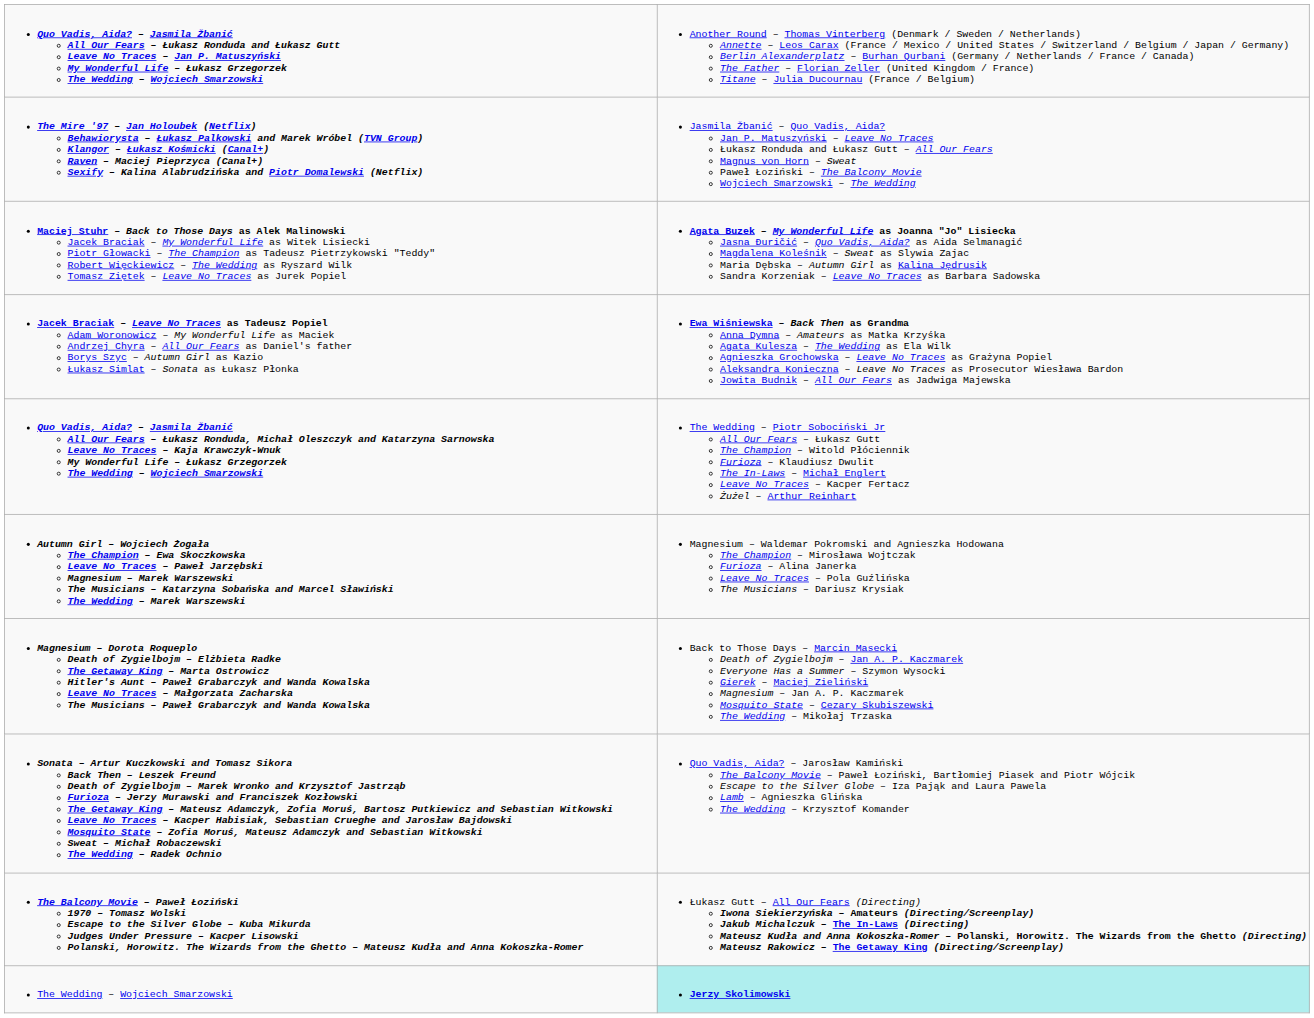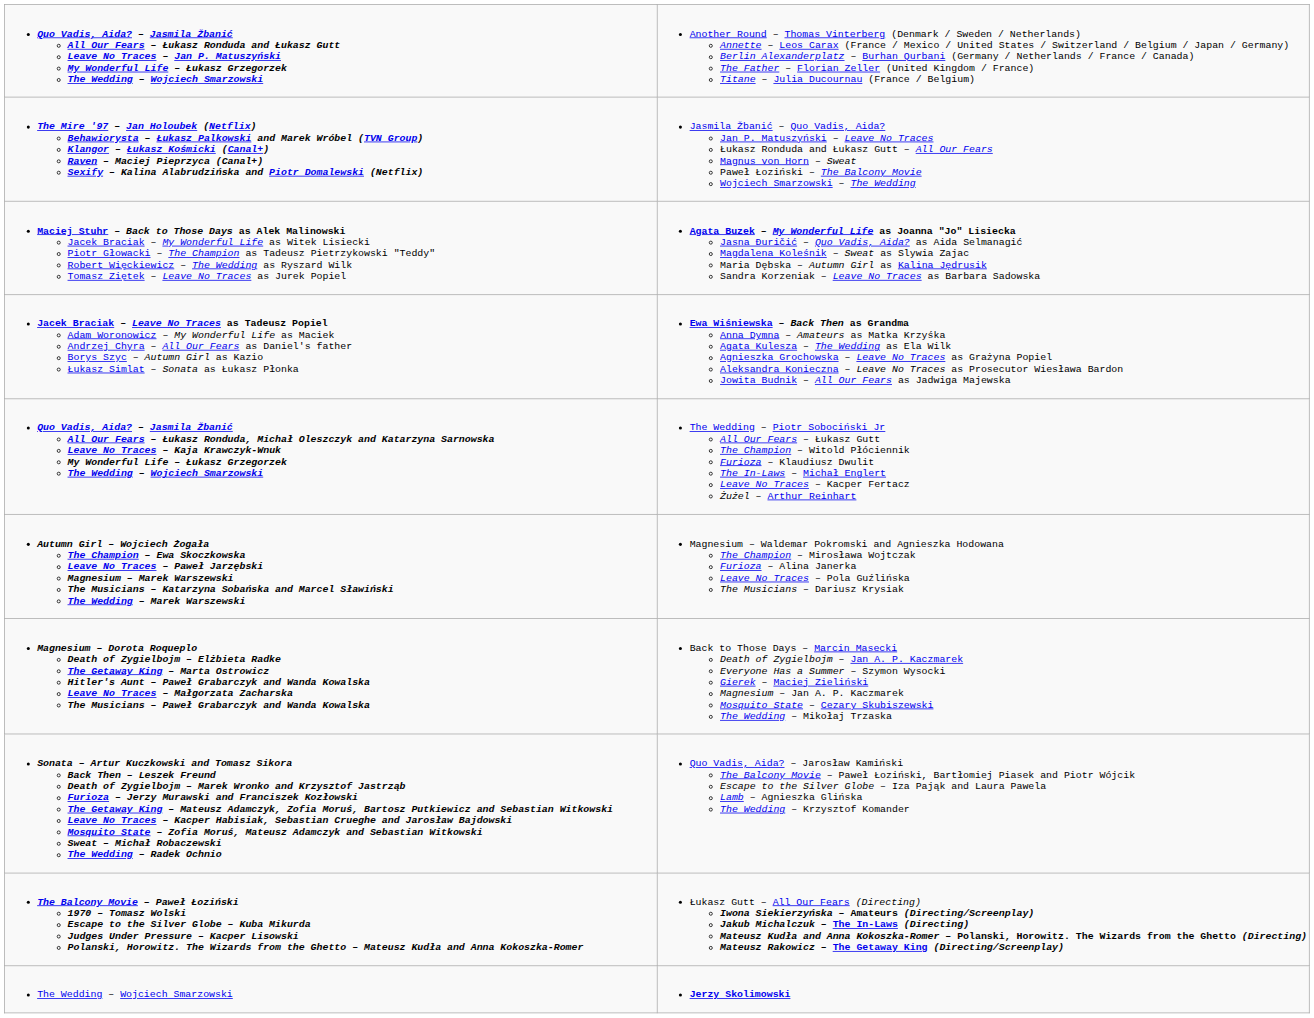 <table class=wikitable style="width="100%">
 <tr>
 <td valign="top" width="50%"><br><ul><li><strong><em><a href='#'>Quo Vadis, Aida?</a><em> – <a href='#'>Jasmila Žbanić</a><strong><ul><li></em><a href='#'>All Our Fears</a><em> – Łukasz Ronduda and Łukasz Gutt</li><li></em><a href='#'>Leave No Traces</a><em> – <a href='#'>Jan P. Matuszyński</a></li><li></em><a href='#'>My Wonderful Life</a><em> – Łukasz Grzegorzek</li><li></em><a href='#'>The Wedding</a><em> – <a href='#'>Wojciech Smarzowski</a></li></ul></li></ul></td>
 <td valign="top" width="50%"><br><ul><li></em></strong><a href='#'>Another Round</a></em> – <a href='#'>Thomas Vinterberg</a> (Denmark / Sweden / Netherlands)</strong><ul><li><em><a href='#'>Annette</a></em> – <a href='#'>Leos Carax</a> (France / Mexico / United States / Switzerland / Belgium / Japan / Germany)</li><li><em><a href='#'>Berlin Alexanderplatz</a></em> – <a href='#'>Burhan Qurbani</a> (Germany / Netherlands / France / Canada)</li><li><em><a href='#'>The Father</a></em> – <a href='#'>Florian Zeller</a> (United Kingdom / France)</li><li><em><a href='#'>Titane</a></em> – <a href='#'>Julia Ducournau</a> (France / Belgium)</li></ul></li></ul></td>
 </tr>
 <tr>
 <td valign="top" width="50%"><br><ul><li><strong><em><a href='#'>The Mire '97</a><em> – <a href='#'>Jan Holoubek</a> (<a href='#'>Netflix</a>)<strong><ul><li></em><a href='#'>Behawiorysta</a><em> – <a href='#'>Łukasz Palkowski</a> and Marek Wróbel (<a href='#'>TVN Group</a>)</li><li></em><a href='#'>Klangor</a><em> – <a href='#'>Łukasz Kośmicki</a> (<a href='#'>Canal+</a>)</li><li></em><a href='#'>Raven</a><em> – Maciej Pieprzyca (Canal+)</li><li></em><a href='#'>Sexify</a><em> – Kalina Alabrudzińska and <a href='#'>Piotr Domalewski</a> (Netflix)</li></ul></li></ul></td>
 <td valign="top" width="50%"><br><ul><li></strong><a href='#'>Jasmila Žbanić</a> – </em><a href='#'>Quo Vadis, Aida?</a></em></strong><ul><li><a href='#'>Jan P. Matuszyński</a> – <em><a href='#'>Leave No Traces</a></em></li><li>Łukasz Ronduda and Łukasz Gutt – <em><a href='#'>All Our Fears</a></em></li><li><a href='#'>Magnus von Horn</a> – <em>Sweat</em></li><li>Paweł Łoziński – <em><a href='#'>The Balcony Movie</a></em></li><li><a href='#'>Wojciech Smarzowski</a> – <em><a href='#'>The Wedding</a></em></li></ul></li></ul></td>
 </tr>
 <tr>
 <td valign="top" width="50%"><br><ul><li><strong><a href='#'>Maciej Stuhr</a> – <em>Back to Those Days</em> as Alek Malinowski</strong><ul><li><a href='#'>Jacek Braciak</a> – <em><a href='#'>My Wonderful Life</a></em> as Witek Lisiecki</li><li><a href='#'>Piotr Głowacki</a> – <em><a href='#'>The Champion</a></em> as Tadeusz Pietrzykowski "Teddy"</li><li><a href='#'>Robert Więckiewicz</a> – <em><a href='#'>The Wedding</a></em> as Ryszard Wilk</li><li><a href='#'>Tomasz Ziętek</a> – <em><a href='#'>Leave No Traces</a></em> as Jurek Popiel</li></ul></li></ul></td>
 <td valign="top" width="50%"><br><ul><li><strong><a href='#'>Agata Buzek</a> – <em><a href='#'>My Wonderful Life</a></em> as Joanna "Jo" Lisiecka</strong><ul><li><a href='#'>Jasna Đuričić</a> – <em><a href='#'>Quo Vadis, Aida?</a></em> as Aida Selmanagić</li><li><a href='#'>Magdalena Koleśnik</a> – <em>Sweat</em> as Slywia Zajac</li><li>Maria Dębska – <em>Autumn Girl</em> as <a href='#'>Kalina Jędrusik</a></li><li>Sandra Korzeniak – <em><a href='#'>Leave No Traces</a></em> as Barbara Sadowska</li></ul></li></ul></td>
 </tr>
 <tr>
 <td valign="top" width="50%"><br><ul><li><strong><a href='#'>Jacek Braciak</a> – <em><a href='#'>Leave No Traces</a></em> as Tadeusz Popiel</strong><ul><li><a href='#'>Adam Woronowicz</a> – <em>My Wonderful Life</em> as Maciek</li><li><a href='#'>Andrzej Chyra</a> – <em><a href='#'>All Our Fears</a></em> as Daniel's father</li><li><a href='#'>Borys Szyc</a> – <em>Autumn Girl</em> as Kazio</li><li><a href='#'>Łukasz Simlat</a> – <em>Sonata</em> as Łukasz Płonka</li></ul></li></ul></td>
 <td valign="top" width="50%"><br><ul><li><strong><a href='#'>Ewa Wiśniewska</a> – <em>Back Then</em> as Grandma</strong><ul><li><a href='#'>Anna Dymna</a> – <em>Amateurs</em> as Matka Krzyśka</li><li><a href='#'>Agata Kulesza</a> – <em><a href='#'>The Wedding</a></em> as Ela Wilk</li><li><a href='#'>Agnieszka Grochowska</a> – <em><a href='#'>Leave No Traces</a></em> as Grażyna Popiel</li><li><a href='#'>Aleksandra Konieczna</a> – <em>Leave No Traces</em> as Prosecutor Wiesława Bardon</li><li><a href='#'>Jowita Budnik</a> – <em><a href='#'>All Our Fears</a></em> as Jadwiga Majewska</li></ul></li></ul></td>
 </tr>
 <tr>
 <td valign="top" width="50%"><br><ul><li><strong><em><a href='#'>Quo Vadis, Aida?</a><em> – <a href='#'>Jasmila Žbanić</a><strong><ul><li></em><a href='#'>All Our Fears</a><em> – Łukasz Ronduda, Michał Oleszczyk and Katarzyna Sarnowska</li><li></em><a href='#'>Leave No Traces</a><em> – Kaja Krawczyk-Wnuk</li><li></em>My Wonderful Life<em> – Łukasz Grzegorzek</li><li></em><a href='#'>The Wedding</a><em> – <a href='#'>Wojciech Smarzowski</a></li></ul></li></ul></td>
 <td valign="top" width="50%"><br><ul><li></em></strong><a href='#'>The Wedding</a></em> – <a href='#'>Piotr Sobociński Jr</a></strong><ul><li><em><a href='#'>All Our Fears</a></em> – Łukasz Gutt</li><li><em><a href='#'>The Champion</a></em> – Witold Płóciennik</li><li><em><a href='#'>Furioza</a></em> – Klaudiusz Dwulit</li><li><em><a href='#'>The In-Laws</a></em> – <a href='#'>Michał Englert</a></li><li><em><a href='#'>Leave No Traces</a></em> – Kacper Fertacz</li><li><em>Żużel</em> – <a href='#'>Arthur Reinhart</a></li></ul></li></ul></td>
 </tr>
 <tr>
 <td valign="top" width="50%"><br><ul><li><strong><em>Autumn Girl<em> – Wojciech Żogała<strong><ul><li></em><a href='#'>The Champion</a><em> – Ewa Skoczkowska</li><li></em><a href='#'>Leave No Traces</a><em> – Paweł Jarzębski</li><li></em>Magnesium<em> – Marek Warszewski</li><li></em>The Musicians<em> – Katarzyna Sobańska and Marcel Sławiński</li><li></em><a href='#'>The Wedding</a><em> – Marek Warszewski</li></ul></li></ul></td>
 <td valign="top" width="50%"><br><ul><li></em></strong>Magnesium</em> – Waldemar Pokromski and Agnieszka Hodowana</strong><ul><li><em><a href='#'>The Champion</a></em> – Mirosława Wojtczak</li><li><em><a href='#'>Furioza</a></em> – Alina Janerka</li><li><em><a href='#'>Leave No Traces</a></em> – Pola Guźlińska</li><li><em>The Musicians</em> – Dariusz Krysiak</li></ul></li></ul></td>
 </tr>
 <tr>
 <td valign="top" width="50%"><br><ul><li><strong><em>Magnesium<em> – Dorota Roqueplo<strong><ul><li></em>Death of Zygielbojm<em> – Elżbieta Radke</li><li></em><a href='#'>The Getaway King</a><em> – Marta Ostrowicz</li><li></em>Hitler's Aunt<em> – Paweł Grabarczyk and Wanda Kowalska</li><li></em><a href='#'>Leave No Traces</a><em> – Małgorzata Zacharska</li><li></em>The Musicians<em> – Paweł Grabarczyk and Wanda Kowalska</li></ul></li></ul></td>
 <td valign="top" width="50%"><br><ul><li></em></strong>Back to Those Days</em> – <a href='#'>Marcin Masecki</a></strong><ul><li><em>Death of Zygielbojm</em> – <a href='#'>Jan A. P. Kaczmarek</a></li><li><em>Everyone Has a Summer</em> – Szymon Wysocki</li><li><em><a href='#'>Gierek</a></em> – <a href='#'>Maciej Zieliński</a></li><li><em>Magnesium</em> – Jan A. P. Kaczmarek</li><li><em><a href='#'>Mosquito State</a></em> – <a href='#'>Cezary Skubiszewski</a></li><li><em><a href='#'>The Wedding</a></em> – Mikołaj Trzaska</li></ul></li></ul></td>
 </tr>
 <tr>
 <td valign="top" width="50%"><br><ul><li><strong><em>Sonata<em> – Artur Kuczkowski and Tomasz Sikora<strong> <ul><li></em>Back Then<em> – Leszek Freund</li><li></em>Death of Zygielbojm<em> – Marek Wronko and Krzysztof Jastrząb</li><li></em><a href='#'>Furioza</a><em> – Jerzy Murawski and Franciszek Kozłowski</li><li></em><a href='#'>The Getaway King</a><em> – Mateusz Adamczyk, Zofia Moruś, Bartosz Putkiewicz and Sebastian Witkowski</li><li></em><a href='#'>Leave No Traces</a><em> – Kacper Habisiak, Sebastian Crueghe and Jarosław Bajdowski</li><li></em><a href='#'>Mosquito State</a><em> – Zofia Moruś, Mateusz Adamczyk and Sebastian Witkowski</li><li></em>Sweat<em> – Michał Robaczewski</li><li></em><a href='#'>The Wedding</a><em> – Radek Ochnio</li></ul></li></ul></td>
 <td valign="top" width="50%"><br><ul><li></em></strong><a href='#'>Quo Vadis, Aida?</a></em> – Jarosław Kamiński</strong><ul><li><em><a href='#'>The Balcony Movie</a></em> – Paweł Łoziński, Bartłomiej Piasek and Piotr Wójcik</li><li><em>Escape to the Silver Globe</em> – Iza Pająk and Laura Pawela</li><li><em><a href='#'>Lamb</a></em> – Agnieszka Glińska</li><li><em><a href='#'>The Wedding</a></em> – Krzysztof Komander</li></ul></li></ul></td>
 </tr>
 <tr>
 <td valign="top" width="50%"><br><ul><li><strong><em><a href='#'>The Balcony Movie</a><em> – Paweł Łoziński<strong><ul><li></em>1970<em> – Tomasz Wolski</li><li></em>Escape to the Silver Globe<em> – Kuba Mikurda</li><li></em>Judges Under Pressure<em> – Kacper Lisowski</li><li></em>Polanski, Horowitz. The Wizards from the Ghetto<em> – Mateusz Kudła and Anna Kokoszka-Romer</li></ul></li></ul></td>
 <td valign="top" width="50%"><br><ul><li></strong>Łukasz Gutt – </em><a href='#'>All Our Fears</a><em> (Directing)<strong><ul><li>Iwona Siekierzyńska – </em>Amateurs<em> (Directing/Screenplay)</li><li>Jakub Michalczuk – </em><a href='#'>The In-Laws</a><em> (Directing)</li><li>Mateusz Kudła and Anna Kokoszka-Romer – </em>Polanski, Horowitz. The Wizards from the Ghetto<em> (Directing)</li><li>Mateusz Rakowicz – </em><a href='#'>The Getaway King</a><em> (Directing/Screenplay)</li></ul></li></ul></td>
 </tr>
 <tr>
 <td valign="top" width="50%"><br><ul><li></em></strong><a href='#'>The Wedding</a></em> – <a href='#'>Wojciech Smarzowski</a></strong></li></ul></td>
-<td valign="top" width="50%" style="background: paleturquoise;"><br><ul><li><strong><a href='#'>Jerzy Skolimowski</a></strong></li></ul></td>
+<td valign="top" width="50%"><br><ul><li><strong><a href='#'>Jerzy Skolimowski</a></strong></li></ul></td>
 </tr>
 </table>
